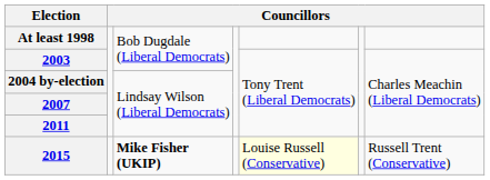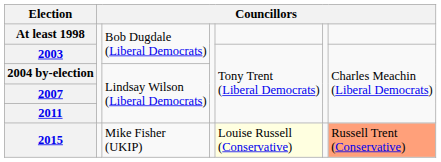 <table class="wikitable">
 <tr>
 <th>Election</th>
 <th colspan="6">Councillors</th>
 </tr>
 <tr>
 <th>At least 1998</th>
 <td rowspan="5" style="background-color: "></td>
 <td rowspan="2">Bob Dugdale<br>(<a href='#'>Liberal Democrats</a>)</td>
 <td rowspan="5" style="background-color: "></td>
 <td rowspan="1"></td>
 <td rowspan="5" style="background-color: "></td>
 <td rowspan="1"></td>
 </tr>
 <tr>
 <th><a href='#'>2003</a></th>
 <td rowspan="4">Tony Trent<br>(<a href='#'>Liberal Democrats</a>)</td>
 <td rowspan="4">Charles Meachin<br>(<a href='#'>Liberal Democrats</a>)</td>
 </tr>
 <tr>
 <th>2004 by-election</th>
 <td rowspan="3">Lindsay Wilson<br>(<a href='#'>Liberal Democrats</a>)</td>
 </tr>
 <tr>
 <th><a href='#'>2007</a></th>
 </tr>
 <tr>
 <th><a href='#'>2011</a></th>
 </tr>
 <tr>
 <th><a href='#'>2015</a></th>
 <td rowspan="5" style="background-color: "></td>
-<td><strong>Mike Fisher<br>(UKIP)</strong></td>
+<td>Mike Fisher<br>(UKIP)</td>
 <td rowspan="5" style="background-color: "></td>
 <td style="background: lightyellow;">Louise Russell<br>(<a href='#'>Conservative</a>)</td>
 <td rowspan="5" style="background-color: "></td>
-<td>Russell Trent<br>(<a href='#'>Conservative</a>)</td>
+<td style="background: lightsalmon;">Russell Trent<br>(<a href='#'>Conservative</a>)</td>
 </tr>
 </table>
